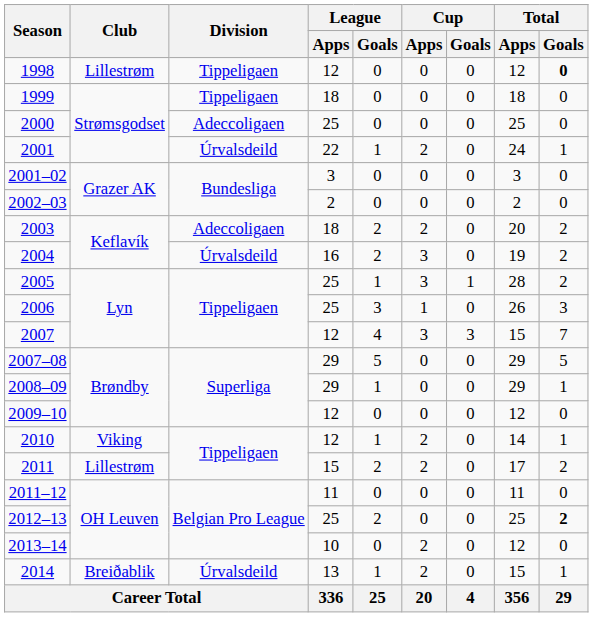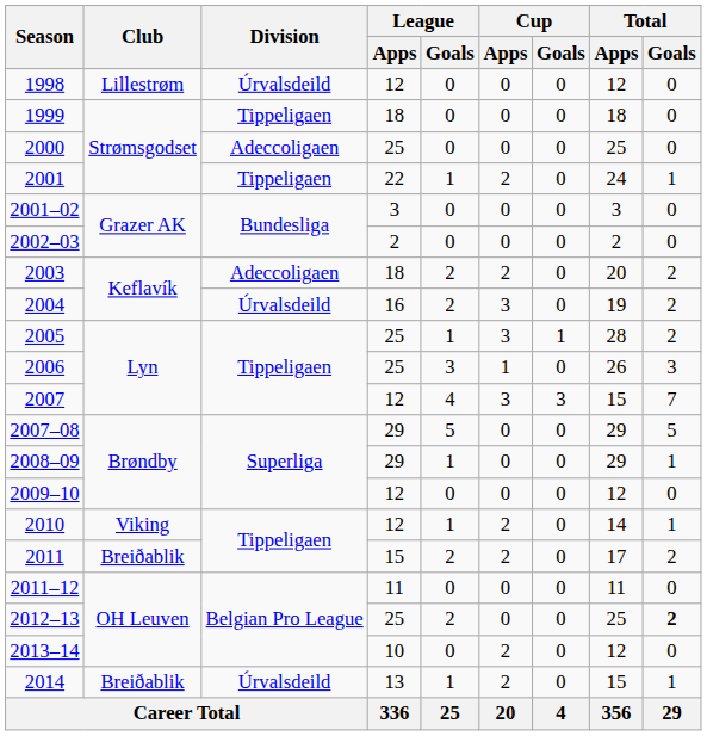 <table class="wikitable" style="text-align: center;">
 <tr>
 <th rowspan="2">Season</th>
 <th rowspan="2">Club</th>
 <th rowspan="2">Division</th>
 <th colspan="2">League</th>
 <th colspan="2">Cup</th>
 <th colspan="2">Total</th>
 </tr>
 <tr>
 <th>Apps</th>
 <th>Goals</th>
 <th>Apps</th>
 <th>Goals</th>
 <th>Apps</th>
 <th>Goals</th>
 </tr>
 <tr>
 <td><a href='#'>1998</a></td>
 <td rowspan="1" valign="center"><a href='#'>Lillestrøm</a></td>
-<td><a href='#'>Tippeligaen</a></td>
+<td rowspan="1" valign="center"><a href='#'>Úrvalsdeild</a></td>
 <td>12</td>
 <td>0</td>
 <td>0</td>
 <td>0</td>
 <td>12</td>
-<td><strong>0</strong></td>
+<td>0</td>
 </tr>
 <tr>
 <td><a href='#'>1999</a></td>
 <td rowspan="3" valign="center"><a href='#'>Strømsgodset</a></td>
 <td><a href='#'>Tippeligaen</a></td>
 <td>18</td>
 <td>0</td>
 <td>0</td>
 <td>0</td>
 <td>18</td>
 <td>0</td>
 </tr>
 <tr>
 <td><a href='#'>2000</a></td>
 <td><a href='#'>Adeccoligaen</a></td>
 <td>25</td>
 <td>0</td>
 <td>0</td>
 <td>0</td>
 <td>25</td>
 <td>0</td>
 </tr>
 <tr>
 <td><a href='#'>2001</a></td>
-<td rowspan="1" valign="center"><a href='#'>Úrvalsdeild</a></td>
+<td><a href='#'>Tippeligaen</a></td>
 <td>22</td>
 <td>1</td>
 <td>2</td>
 <td>0</td>
 <td>24</td>
 <td>1</td>
 </tr>
 <tr>
 <td><a href='#'>2001–02</a></td>
 <td rowspan="2" valign="center"><a href='#'>Grazer AK</a></td>
 <td rowspan="2" valign="center"><a href='#'>Bundesliga</a></td>
 <td>3</td>
 <td>0</td>
 <td>0</td>
 <td>0</td>
 <td>3</td>
 <td>0</td>
 </tr>
 <tr>
 <td><a href='#'>2002–03</a></td>
 <td>2</td>
 <td>0</td>
 <td>0</td>
 <td>0</td>
 <td>2</td>
 <td>0</td>
 </tr>
 <tr>
 <td><a href='#'>2003</a></td>
 <td rowspan="2" valign="center"><a href='#'>Keflavík</a></td>
 <td><a href='#'>Adeccoligaen</a></td>
 <td>18</td>
 <td>2</td>
 <td>2</td>
 <td>0</td>
 <td>20</td>
 <td>2</td>
 </tr>
 <tr>
 <td><a href='#'>2004</a></td>
 <td><a href='#'>Úrvalsdeild</a></td>
 <td>16</td>
 <td>2</td>
 <td>3</td>
 <td>0</td>
 <td>19</td>
 <td>2</td>
 </tr>
 <tr>
 <td><a href='#'>2005</a></td>
 <td rowspan="3" valign="center"><a href='#'>Lyn</a></td>
 <td rowspan="3" valign="center"><a href='#'>Tippeligaen</a></td>
 <td>25</td>
 <td>1</td>
 <td>3</td>
 <td>1</td>
 <td>28</td>
 <td>2</td>
 </tr>
 <tr>
 <td><a href='#'>2006</a></td>
 <td>25</td>
 <td>3</td>
 <td>1</td>
 <td>0</td>
 <td>26</td>
 <td>3</td>
 </tr>
 <tr>
 <td><a href='#'>2007</a></td>
 <td>12</td>
 <td>4</td>
 <td>3</td>
 <td>3</td>
 <td>15</td>
 <td>7</td>
 </tr>
 <tr>
 <td><a href='#'>2007–08</a></td>
 <td rowspan="3" valign="center"><a href='#'>Brøndby</a></td>
 <td rowspan="3" valign="center"><a href='#'>Superliga</a></td>
 <td>29</td>
 <td>5</td>
 <td>0</td>
 <td>0</td>
 <td>29</td>
 <td>5</td>
 </tr>
 <tr>
 <td><a href='#'>2008–09</a></td>
 <td>29</td>
 <td>1</td>
 <td>0</td>
 <td>0</td>
 <td>29</td>
 <td>1</td>
 </tr>
 <tr>
 <td><a href='#'>2009–10</a></td>
 <td>12</td>
 <td>0</td>
 <td>0</td>
 <td>0</td>
 <td>12</td>
 <td>0</td>
 </tr>
 <tr>
 <td><a href='#'>2010</a></td>
 <td rowspan="1" valign="center"><a href='#'>Viking</a></td>
 <td rowspan="2" valign="center"><a href='#'>Tippeligaen</a></td>
 <td>12</td>
 <td>1</td>
 <td>2</td>
 <td>0</td>
 <td>14</td>
 <td>1</td>
 </tr>
 <tr>
 <td><a href='#'>2011</a></td>
-<td rowspan="1" valign="center"><a href='#'>Lillestrøm</a></td>
+<td rowspan="1" valign="center"><a href='#'>Breiðablik</a></td>
 <td>15</td>
 <td>2</td>
 <td>2</td>
 <td>0</td>
 <td>17</td>
 <td>2</td>
 </tr>
 <tr>
 <td><a href='#'>2011–12</a></td>
 <td rowspan="3" valign="center"><a href='#'>OH Leuven</a></td>
 <td rowspan="3" valign="center"><a href='#'>Belgian Pro League</a></td>
 <td>11</td>
 <td>0</td>
 <td>0</td>
 <td>0</td>
 <td>11</td>
 <td>0</td>
 </tr>
 <tr>
 <td><a href='#'>2012–13</a></td>
 <td>25</td>
 <td>2</td>
 <td>0</td>
 <td>0</td>
 <td>25</td>
 <td><strong>2</strong></td>
 </tr>
 <tr>
 <td><a href='#'>2013–14</a></td>
 <td>10</td>
 <td>0</td>
 <td>2</td>
 <td>0</td>
 <td>12</td>
 <td>0</td>
 </tr>
 <tr>
 <td><a href='#'>2014</a></td>
 <td rowspan="1" valign="center"><a href='#'>Breiðablik</a></td>
 <td rowspan="1" valign="center"><a href='#'>Úrvalsdeild</a></td>
 <td>13</td>
 <td>1</td>
 <td>2</td>
 <td>0</td>
 <td>15</td>
 <td>1</td>
 </tr>
 <tr>
 <th colspan="3">Career Total</th>
 <th>336</th>
 <th>25</th>
 <th>20</th>
 <th>4</th>
 <th>356</th>
 <th>29</th>
 </tr>
 </table>
